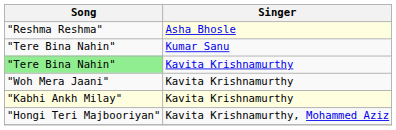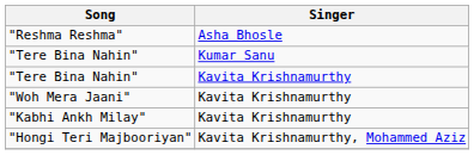 <table class="wikitable" style="font-size:95%">
 <tr>
 <th>Song</th>
 <th>Singer</th>
 </tr>
 <tr>
 <td>"Reshma Reshma"</td>
-<td style="background: lightyellow;"><a href='#'>Asha Bhosle</a></td>
+<td><a href='#'>Asha Bhosle</a></td>
 </tr>
 <tr>
 <td>"Tere Bina Nahin"</td>
 <td><a href='#'>Kumar Sanu</a></td>
 </tr>
 <tr>
-<td style="background: lightgreen;">"Tere Bina Nahin"</td>
+<td>"Tere Bina Nahin"</td>
 <td><a href='#'>Kavita Krishnamurthy</a></td>
 </tr>
 <tr>
 <td>"Woh Mera Jaani"</td>
 <td>Kavita Krishnamurthy</td>
 </tr>
 <tr>
-<td style="background: lightyellow;">"Kabhi Ankh Milay"</td>
-<td style="background: lightyellow;">Kavita Krishnamurthy</td>
+<td>"Kabhi Ankh Milay"</td>
+<td>Kavita Krishnamurthy</td>
 </tr>
 <tr>
 <td>"Hongi Teri Majbooriyan"</td>
 <td>Kavita Krishnamurthy, <a href='#'>Mohammed Aziz</a></td>
 </tr>
 <tr>
 </tr>
 </table>
